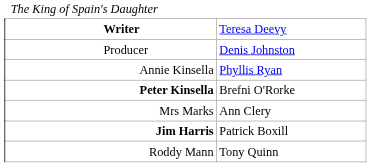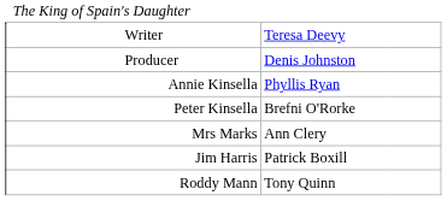 <table class="wikitable mw-collapsible mw-collapsed" style="vertical-align:top;margin:auto 2em;line-height:1.2;max-width:33em;background-color:inherit;border:none;">
 <tr>
 <td class=unsortable style="border:hidden;line-height:1.67;margin-left:-1em;text-align:center;padding-left:0.5em;min-width:1.0em;"></td>
 <td class=unsortable style="border-style:none;padding-left:0.5em;text-align:left;min-width:16.5em;font-weight:400;font-style:italic;">The King of Spain's Daughter</td>
 <td class=unsortable style="border-style:none;text-align:right;font-weight:normal; font-size:95%; min-width:8.5em;padding-right:0.2em;"></td>
 <td class=unsortable style="border-style:none;min-width:3.5em;padding-left:0;"></td>
 <td class=unsortable style="border:hidden;min-width:3.5em;font-size:95%;"></td>
 </tr>
 <tr>
 <td rowspan=100 style="border:none thin;border-right-style :solid;"></td>
 </tr>
 <tr>
-<td style="text-align:left;padding-left:8em"><strong>Writer</strong></td>
+<td style="text-align:left;padding-left:8em">Writer</td>
 <td colspan=2><a href='#'>Teresa Deevy</a></td>
 </tr>
 <tr>
 <td style="text-align:left;padding-left:8em">Producer</td>
 <td colspan=2><a href='#'>Denis Johnston</a></td>
 </tr>
 <tr>
 <td style="text-align:right;">Annie Kinsella</td>
 <td colspan=2><a href='#'>Phyllis Ryan</a></td>
 </tr>
 <tr>
-<td style="text-align:right;"><strong>Peter Kinsella</strong></td>
+<td style="text-align:right;">Peter Kinsella</td>
 <td colspan=2>Brefni O'Rorke</td>
 </tr>
 <tr>
 <td style="text-align:right;">Mrs Marks</td>
 <td colspan=2>Ann Clery</td>
 </tr>
 <tr>
-<td style="text-align:right;"><strong>Jim Harris</strong></td>
+<td style="text-align:right;">Jim Harris</td>
 <td colspan=2>Patrick Boxill</td>
 </tr>
 <tr>
 <td style="text-align:right;">Roddy Mann</td>
 <td colspan=2>Tony Quinn</td>
 </tr>
 </table>
